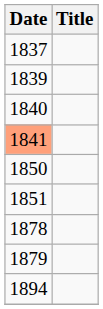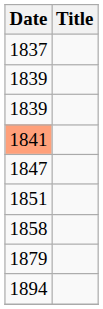 <table class="wikitable" style="margin:1em auto;">
 <tr>
 <th>Date</th>
 <th>Title</th>
 </tr>
 <tr>
 <td>1837</td>
 <td></td>
 </tr>
 <tr>
 <td>1839</td>
 <td></td>
 </tr>
 <tr>
-<td>1840</td>
+<td>1839</td>
 <td></td>
 </tr>
 <tr>
 <td style="background: lightsalmon;">1841</td>
 <td></td>
 </tr>
 <tr>
-<td>1850</td>
+<td>1847</td>
 <td></td>
 </tr>
 <tr>
 <td>1851</td>
 <td></td>
 </tr>
 <tr>
-<td>1878</td>
+<td>1858</td>
 <td></td>
 </tr>
 <tr>
 <td>1879</td>
 <td></td>
 </tr>
 <tr>
 <td>1894</td>
 <td></td>
 </tr>
 <tr>
 </tr>
 </table>
